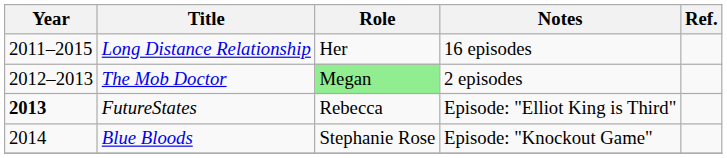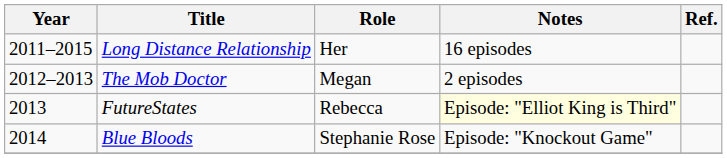 <table class="wikitable sortable">
 <tr>
 <th scope="col">Year</th>
 <th scope="col">Title</th>
 <th scope="col">Role</th>
 <th scope="col">Notes</th>
 <th class="unsortable">Ref.</th>
 </tr>
 <tr>
 <td>2011–2015</td>
 <td><em><a href='#'>Long Distance Relationship</a></em></td>
 <td>Her</td>
 <td>16 episodes</td>
 <td></td>
 </tr>
 <tr>
 <td>2012–2013</td>
 <td><em><a href='#'>The Mob Doctor</a></em></td>
-<td style="background: lightgreen;">Megan</td>
+<td>Megan</td>
 <td>2 episodes</td>
 <td></td>
 </tr>
 <tr>
-<td><strong>2013</strong></td>
+<td>2013</td>
 <td><em>FutureStates</em></td>
 <td>Rebecca</td>
-<td>Episode: "Elliot King is Third"</td>
+<td style="background: lightyellow;">Episode: "Elliot King is Third"</td>
 <td></td>
 </tr>
 <tr>
 <td>2014</td>
 <td><em><a href='#'>Blue Bloods</a></em></td>
 <td>Stephanie Rose</td>
 <td>Episode: "Knockout Game"</td>
 <td></td>
 </tr>
 <tr>
 </tr>
 </table>
